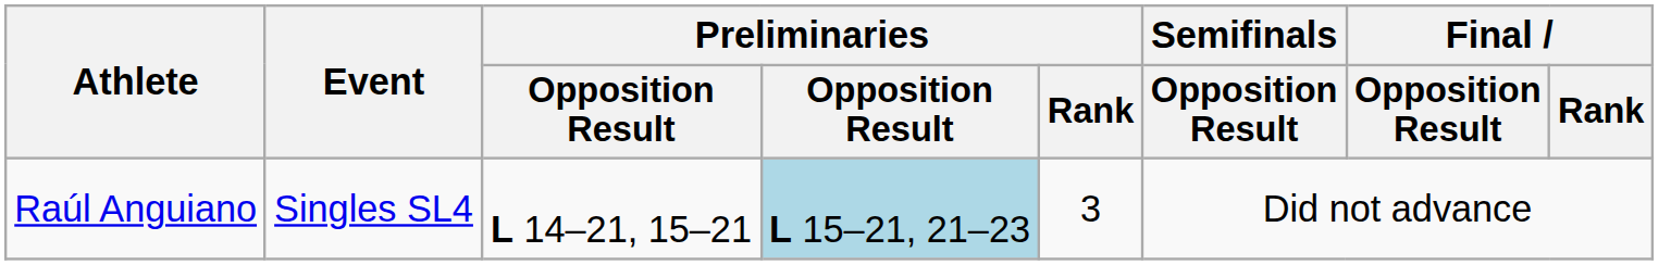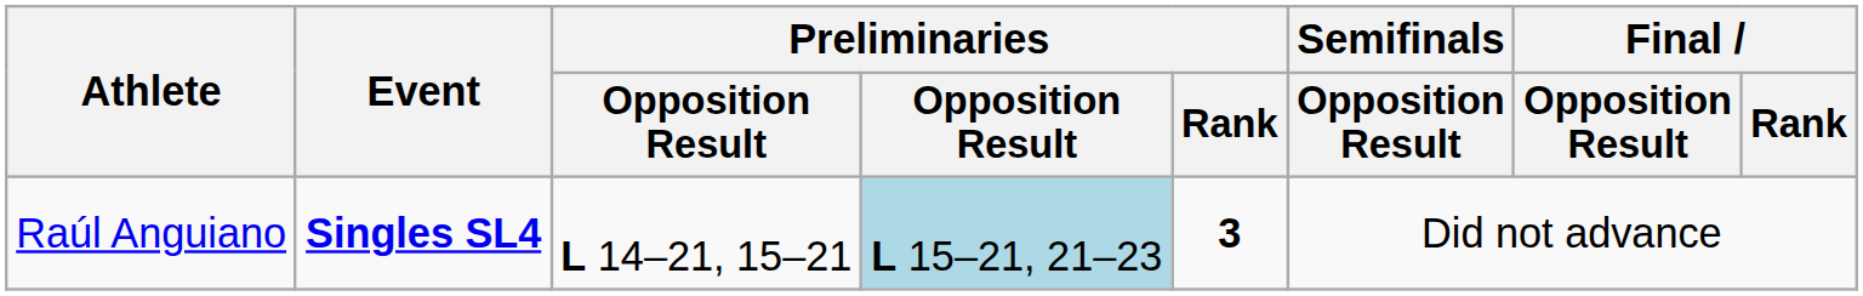 <table class=wikitable style="font-size:90%">
 <tr>
 <th rowspan="2">Athlete</th>
 <th rowspan="2">Event</th>
 <th colspan="3">Preliminaries</th>
 <th>Semifinals</th>
 <th colspan="2">Final / </th>
 </tr>
 <tr style="font-size:95%">
 <th>Opposition<br>Result</th>
 <th>Opposition<br>Result</th>
 <th>Rank</th>
 <th>Opposition<br>Result</th>
 <th>Opposition<br>Result</th>
 <th>Rank</th>
 </tr>
 <tr align=center>
 <td align=left><a href='#'>Raúl Anguiano</a></td>
-<td align=left><a href='#'>Singles SL4</a></td>
+<td align=left><strong><a href='#'>Singles SL4</a></strong></td>
 <td><br><strong>L</strong> 14–21, 15–21</td>
 <td style="background: lightblue;"><br><strong>L</strong> 15–21, 21–23</td>
-<td>3</td>
+<td><strong>3</strong></td>
 <td colspan=3>Did not advance</td>
 </tr>
 </table>
